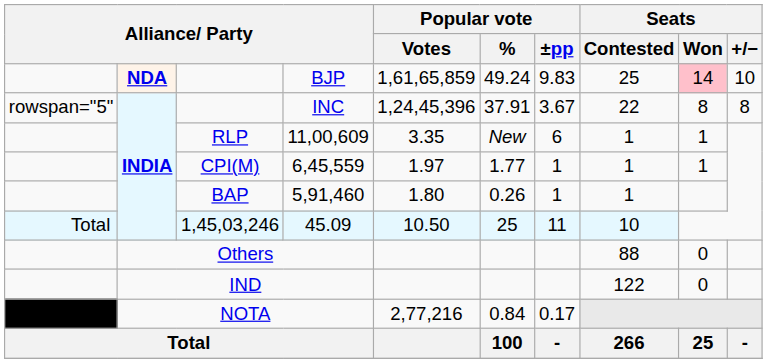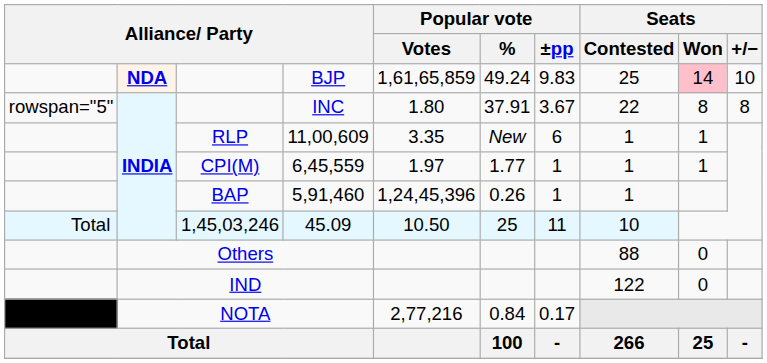 <table class="wikitable sortable" style="text-align:center;">
 <tr>
 <th colspan="4" rowspan="2">Alliance/ Party</th>
 <th colspan="3">Popular vote</th>
 <th colspan="3">Seats</th>
 </tr>
 <tr>
 <th>Votes</th>
 <th>%</th>
 <th>±<a href='#'>pp</a></th>
 <th>Contested</th>
 <th>Won</th>
 <th><strong>+/−</strong></th>
 </tr>
 <tr>
 <td></td>
 <th style="background:#fef3e8"><a href='#'>NDA</a></th>
 <td></td>
 <td><a href='#'>BJP</a></td>
 <td>1,61,65,859</td>
 <td>49.24</td>
 <td> 9.83</td>
 <td>25</td>
 <td style="background: pink;">14</td>
 <td> 10</td>
 </tr>
 <tr>
 <td>rowspan="5" </td>
 <th rowspan="5"style="background:#E5F8FF"><a href='#'>INDIA</a></th>
 <td></td>
 <td><a href='#'>INC</a></td>
-<td>1,24,45,396</td>
+<td>1.80</td>
 <td>37.91</td>
 <td> 3.67</td>
 <td>22</td>
 <td>8</td>
 <td> 8</td>
 </tr>
 <tr>
 <td></td>
 <td><a href='#'>RLP</a></td>
 <td>11,00,609</td>
 <td>3.35</td>
 <td><em>New</em></td>
 <td>6</td>
 <td>1</td>
 <td> 1</td>
 </tr>
 <tr>
 <td></td>
 <td><a href='#'>CPI(M)</a></td>
 <td>6,45,559</td>
 <td>1.97</td>
 <td> 1.77</td>
 <td>1</td>
 <td>1</td>
 <td> 1</td>
 </tr>
 <tr>
 <td></td>
 <td><a href='#'>BAP</a></td>
 <td>5,91,460</td>
-<td>1.80</td>
+<td>1,24,45,396</td>
 <td> 0.26</td>
 <td>1</td>
 <td>1</td>
 <td></td>
 </tr>
 <tr>
 <td colspan="2"style="background:#E5F8FF">Total</td>
 <td style="background:#E5F8FF">1,45,03,246</td>
 <td style="background:#E5F8FF">45.09</td>
 <td style="background:#E5F8FF"> 10.50</td>
 <td style="background:#E5F8FF">25</td>
 <td style="background:#E5F8FF">11</td>
 <td style="background:#E5F8FF"> 10</td>
 </tr>
 <tr>
 <td></td>
 <td colspan="3"><a href='#'>Others</a></td>
 <td></td>
 <td></td>
 <td></td>
 <td>88</td>
 <td>0</td>
 <td></td>
 </tr>
 <tr>
 <td></td>
 <td colspan="3"><a href='#'>IND</a></td>
 <td></td>
 <td></td>
 <td></td>
 <td>122</td>
 <td>0</td>
 <td></td>
 </tr>
 <tr>
 <td bgcolor="Black"></td>
 <td colspan="3"><a href='#'>NOTA</a></td>
 <td>2,77,216</td>
 <td>0.84</td>
 <td> 0.17</td>
 <th colspan="3" style="background-color:#E9E9E9"></th>
 </tr>
 <tr>
 <th colspan="4">Total</th>
 <th></th>
 <th>100</th>
 <th>-</th>
 <th>266</th>
 <th>25</th>
 <th>-</th>
 </tr>
 <tr>
 </tr>
 </table>
